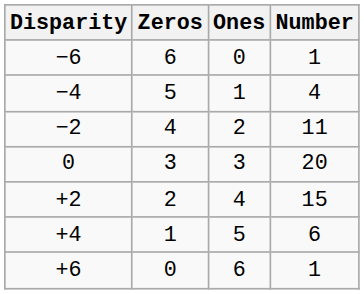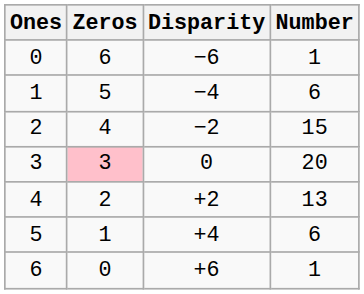 <table class=wikitable style="text-align:center">
 <tr>
+<th>Ones</th>
+<th>Zeros</th>
 <th>Disparity</th>
-<th>Zeros</th>
-<th>Ones</th>
 <th>Number</th>
 </tr>
 <tr>
+<td>0</td>
+<td>6</td>
 <td>−6</td>
-<td>6</td>
-<td>0</td>
 <td>1</td>
 </tr>
 <tr>
+<td>1</td>
+<td>5</td>
 <td>−4</td>
-<td>5</td>
-<td>1</td>
-<td>4</td>
+<td>6</td>
 </tr>
 <tr>
+<td>2</td>
+<td>4</td>
 <td>−2</td>
-<td>4</td>
-<td>2</td>
-<td>11</td>
+<td>15</td>
 </tr>
 <tr>
+<td>3</td>
+<td style="background: pink;">3</td>
 <td>0</td>
-<td>3</td>
-<td>3</td>
 <td>20</td>
 </tr>
 <tr>
+<td>4</td>
+<td>2</td>
 <td>+2</td>
-<td>2</td>
-<td>4</td>
-<td>15</td>
+<td>13</td>
 </tr>
 <tr>
+<td>5</td>
+<td>1</td>
 <td>+4</td>
-<td>1</td>
-<td>5</td>
 <td>6</td>
 </tr>
 <tr>
+<td>6</td>
+<td>0</td>
 <td>+6</td>
-<td>0</td>
-<td>6</td>
 <td>1</td>
 </tr>
 </table>
